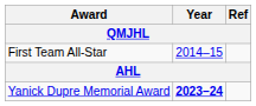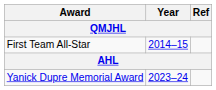 <table class="wikitable">
 <tr>
 <th>Award</th>
 <th>Year</th>
 <th>Ref</th>
 </tr>
 <tr>
 <th colspan="3"><a href='#'>QMJHL</a></th>
 </tr>
 <tr>
 <td>First Team All-Star</td>
 <td><a href='#'>2014–15</a></td>
 <td></td>
 </tr>
 <tr>
 <th colspan="3"><a href='#'>AHL</a></th>
 </tr>
 <tr>
 <td><a href='#'>Yanick Dupre Memorial Award</a></td>
-<td><strong><a href='#'>2023–24</a></strong></td>
+<td><a href='#'>2023–24</a></td>
 <td></td>
 </tr>
 </table>
